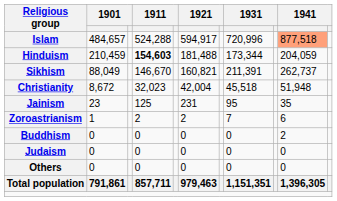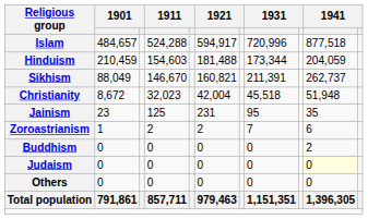 <table class="wikitable sortable">
 <tr>
 <th rowspan="2"><a href='#'>Religious</a><br>group</th>
 <th colspan="2">1901</th>
 <th colspan="2">1911</th>
 <th colspan="2">1921</th>
 <th colspan="2">1931</th>
 <th colspan="2">1941</th>
 </tr>
 <tr>
 <th><a href='#'></a></th>
 <th></th>
 <th></th>
 <th></th>
 <th></th>
 <th></th>
 <th></th>
 <th></th>
 <th></th>
 <th></th>
 </tr>
 <tr>
 <th><a href='#'>Islam</a> </th>
 <td>484,657</td>
 <td></td>
 <td>524,288</td>
 <td></td>
 <td>594,917</td>
 <td></td>
 <td>720,996</td>
 <td></td>
-<td style="background: lightsalmon;">877,518</td>
+<td>877,518</td>
 <td></td>
 </tr>
 <tr>
 <th><a href='#'>Hinduism</a> </th>
 <td>210,459</td>
 <td></td>
-<td><strong>154,603</strong></td>
+<td>154,603</td>
 <td></td>
 <td>181,488</td>
 <td></td>
 <td>173,344</td>
 <td></td>
 <td>204,059</td>
 <td></td>
 </tr>
 <tr>
 <th><a href='#'>Sikhism</a> </th>
 <td>88,049</td>
 <td></td>
 <td>146,670</td>
 <td></td>
 <td>160,821</td>
 <td></td>
 <td>211,391</td>
 <td></td>
 <td>262,737</td>
 <td></td>
 </tr>
 <tr>
 <th><a href='#'>Christianity</a> </th>
 <td>8,672</td>
 <td></td>
 <td>32,023</td>
 <td></td>
 <td>42,004</td>
 <td></td>
 <td>45,518</td>
 <td></td>
 <td>51,948</td>
 <td></td>
 </tr>
 <tr>
 <th><a href='#'>Jainism</a> </th>
 <td>23</td>
 <td></td>
 <td>125</td>
 <td></td>
 <td>231</td>
 <td></td>
 <td>95</td>
 <td></td>
 <td>35</td>
 <td></td>
 </tr>
 <tr>
 <th><a href='#'>Zoroastrianism</a> </th>
 <td>1</td>
 <td></td>
 <td>2</td>
 <td></td>
 <td>2</td>
 <td></td>
 <td>7</td>
 <td></td>
 <td>6</td>
 <td></td>
 </tr>
 <tr>
 <th><a href='#'>Buddhism</a> </th>
 <td>0</td>
 <td></td>
 <td>0</td>
 <td></td>
 <td>0</td>
 <td></td>
 <td>0</td>
 <td></td>
 <td>2</td>
 <td></td>
 </tr>
 <tr>
 <th><a href='#'>Judaism</a> </th>
 <td>0</td>
 <td></td>
 <td>0</td>
 <td></td>
 <td>0</td>
 <td></td>
 <td>0</td>
 <td></td>
-<td>0</td>
+<td style="background: lightyellow;">0</td>
 <td></td>
 </tr>
 <tr>
 <th>Others</th>
 <td>0</td>
 <td></td>
 <td>0</td>
 <td></td>
 <td>0</td>
 <td></td>
 <td>0</td>
 <td></td>
 <td>0</td>
 <td></td>
 </tr>
 <tr>
 <th>Total population</th>
 <th>791,861</th>
 <th></th>
 <th>857,711</th>
 <th></th>
 <th>979,463</th>
 <th></th>
 <th>1,151,351</th>
 <th></th>
 <th>1,396,305</th>
 <th></th>
 </tr>
 <tr class="sortbottom">
 <td colspan="11"></td>
 </tr>
 </table>
